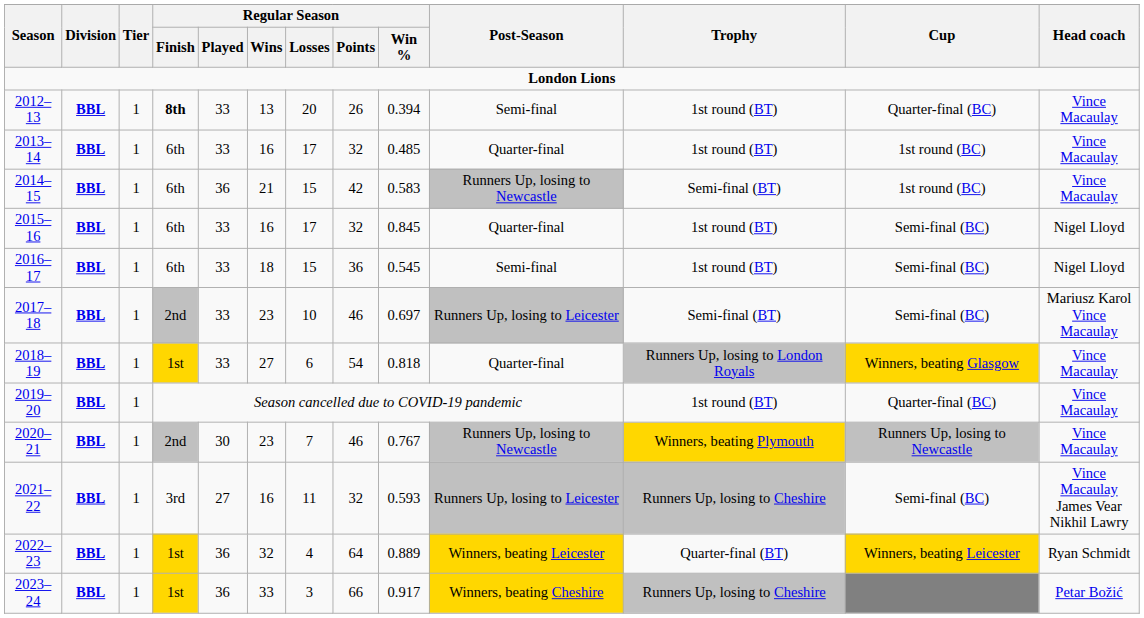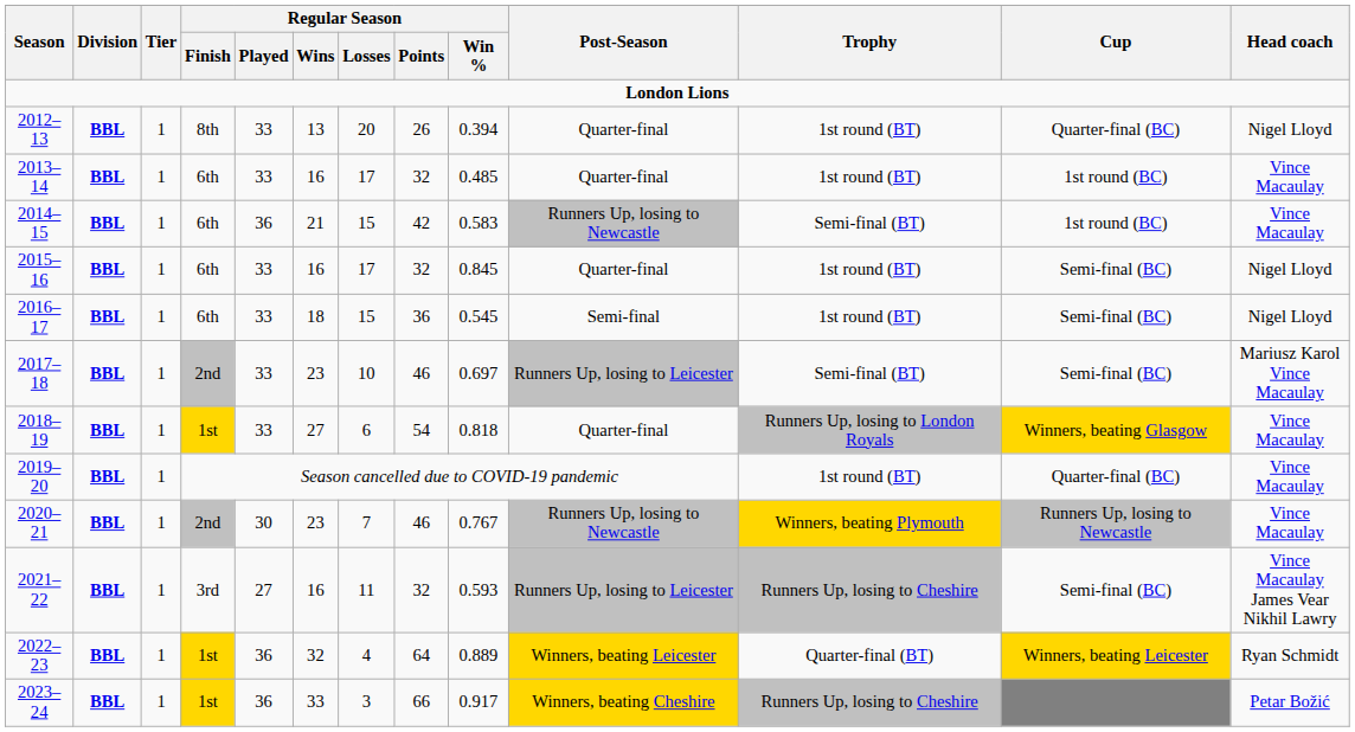 <table class="wikitable mw-collapsible mw-collapsed">
 <tr>
 </tr>
 <tr bgcolor="#efefef">
 <th rowspan="2">Season</th>
 <th rowspan="2">Division</th>
 <th rowspan="2">Tier</th>
 <th colspan="6">Regular Season</th>
 <th rowspan="2">Post-Season</th>
 <th rowspan="2">Trophy</th>
 <th rowspan="2">Cup</th>
 <th rowspan="2">Head coach</th>
 </tr>
 <tr>
 <th>Finish</th>
 <th>Played</th>
 <th>Wins</th>
 <th>Losses</th>
 <th>Points</th>
 <th>Win %</th>
 </tr>
 <tr>
 <td colspan="13" align="center"><strong>London Lions</strong></td>
 </tr>
 <tr>
 <td style="text-align:center;"><a href='#'>2012–13</a></td>
 <td style="text-align:center;"><strong><a href='#'>BBL</a></strong></td>
 <td style="text-align:center;">1</td>
-<td style="text-align:center;"><strong>8th</strong></td>
+<td style="text-align:center;">8th</td>
 <td style="text-align:center;">33</td>
 <td style="text-align:center;">13</td>
 <td style="text-align:center;">20</td>
 <td style="text-align:center;">26</td>
 <td style="text-align:center;">0.394</td>
-<td style="text-align:center;">Semi-final</td>
+<td style="text-align:center;">Quarter-final</td>
 <td style="text-align:center;">1st round (<a href='#'>BT</a>)</td>
 <td style="text-align:center;">Quarter-final (<a href='#'>BC</a>)</td>
-<td style="text-align:center;"><a href='#'>Vince Macaulay</a></td>
+<td style="text-align:center;">Nigel Lloyd</td>
 </tr>
 <tr>
 <td style="text-align:center;"><a href='#'>2013–14</a></td>
 <td style="text-align:center;"><strong><a href='#'>BBL</a></strong></td>
 <td style="text-align:center;">1</td>
 <td style="text-align:center;">6th</td>
 <td style="text-align:center;">33</td>
 <td style="text-align:center;">16</td>
 <td style="text-align:center;">17</td>
 <td style="text-align:center;">32</td>
 <td style="text-align:center;">0.485</td>
 <td style="text-align:center;">Quarter-final</td>
 <td style="text-align:center;">1st round (<a href='#'>BT</a>)</td>
 <td style="text-align:center;">1st round (<a href='#'>BC</a>)</td>
 <td style="text-align:center;"><a href='#'>Vince Macaulay</a></td>
 </tr>
 <tr>
 <td style="text-align:center;"><a href='#'>2014–15</a></td>
 <td style="text-align:center;"><strong><a href='#'>BBL</a></strong></td>
 <td style="text-align:center;">1</td>
 <td style="text-align:center;">6th</td>
 <td style="text-align:center;">36</td>
 <td style="text-align:center;">21</td>
 <td style="text-align:center;">15</td>
 <td style="text-align:center;">42</td>
 <td style="text-align:center;">0.583</td>
 <td style="text-align:center;" bgcolor=silver>Runners Up, losing to <a href='#'>Newcastle</a></td>
 <td style="text-align:center;">Semi-final (<a href='#'>BT</a>)</td>
 <td style="text-align:center;">1st round (<a href='#'>BC</a>)</td>
 <td style="text-align:center;"><a href='#'>Vince Macaulay</a></td>
 </tr>
 <tr>
 <td style="text-align:center;"><a href='#'>2015–16</a></td>
 <td style="text-align:center;"><strong><a href='#'>BBL</a></strong></td>
 <td style="text-align:center;">1</td>
 <td style="text-align:center;">6th</td>
 <td style="text-align:center;">33</td>
 <td style="text-align:center;">16</td>
 <td style="text-align:center;">17</td>
 <td style="text-align:center;">32</td>
 <td style="text-align:center;">0.845</td>
 <td style="text-align:center;">Quarter-final</td>
 <td style="text-align:center;">1st round (<a href='#'>BT</a>)</td>
 <td style="text-align:center;">Semi-final (<a href='#'>BC</a>)</td>
 <td style="text-align:center;">Nigel Lloyd</td>
 </tr>
 <tr>
 <td style="text-align:center;"><a href='#'>2016–17</a></td>
 <td style="text-align:center;"><strong><a href='#'>BBL</a></strong></td>
 <td style="text-align:center;">1</td>
 <td style="text-align:center;">6th</td>
 <td style="text-align:center;">33</td>
 <td style="text-align:center;">18</td>
 <td style="text-align:center;">15</td>
 <td style="text-align:center;">36</td>
 <td style="text-align:center;">0.545</td>
 <td style="text-align:center;">Semi-final</td>
 <td style="text-align:center;">1st round (<a href='#'>BT</a>)</td>
 <td style="text-align:center;">Semi-final (<a href='#'>BC</a>)</td>
 <td style="text-align:center;">Nigel Lloyd</td>
 </tr>
 <tr>
 <td style="text-align:center;"><a href='#'>2017–18</a></td>
 <td style="text-align:center;"><strong><a href='#'>BBL</a></strong></td>
 <td style="text-align:center;">1</td>
 <td style="text-align:center;"bgcolor=silver>2nd</td>
 <td style="text-align:center;">33</td>
 <td style="text-align:center;">23</td>
 <td style="text-align:center;">10</td>
 <td style="text-align:center;">46</td>
 <td style="text-align:center;">0.697</td>
 <td style="text-align:center;"bgcolor=silver>Runners Up, losing to <a href='#'>Leicester</a></td>
 <td style="text-align:center;">Semi-final (<a href='#'>BT</a>)</td>
 <td style="text-align:center;">Semi-final (<a href='#'>BC</a>)</td>
 <td style="text-align:center;">Mariusz Karol <br> <a href='#'>Vince Macaulay</a></td>
 </tr>
 <tr>
 <td style="text-align:center;"><a href='#'>2018–19</a></td>
 <td style="text-align:center;"><strong><a href='#'>BBL</a></strong></td>
 <td style="text-align:center;">1</td>
 <td style="text-align:center;"bgcolor=gold>1st</td>
 <td style="text-align:center;">33</td>
 <td style="text-align:center;">27</td>
 <td style="text-align:center;">6</td>
 <td style="text-align:center;">54</td>
 <td style="text-align:center;">0.818</td>
 <td style="text-align:center;">Quarter-final</td>
 <td style="text-align:center;" bgcolor=silver>Runners Up, losing to <a href='#'>London Royals</a></td>
 <td style="text-align:center;" bgcolor=gold>Winners, beating <a href='#'>Glasgow</a></td>
 <td style="text-align:center;"><a href='#'>Vince Macaulay</a></td>
 </tr>
 <tr>
 <td style="text-align:center;"><a href='#'>2019–20</a></td>
 <td style="text-align:center;"><strong><a href='#'>BBL</a></strong></td>
 <td style="text-align:center;">1</td>
 <td colspan=7 align=center><em>Season cancelled due to COVID-19 pandemic</em></td>
 <td style="text-align:center;">1st round (<a href='#'>BT</a>)</td>
 <td style="text-align:center;">Quarter-final (<a href='#'>BC</a>)</td>
 <td style="text-align:center;"><a href='#'>Vince Macaulay</a></td>
 </tr>
 <tr>
 <td style="text-align:center;"><a href='#'>2020–21</a></td>
 <td style="text-align:center;"><strong><a href='#'>BBL</a></strong></td>
 <td style="text-align:center;">1</td>
 <td style="text-align:center;"bgcolor=silver>2nd</td>
 <td style="text-align:center;">30</td>
 <td style="text-align:center;">23</td>
 <td style="text-align:center;">7</td>
 <td style="text-align:center;">46</td>
 <td style="text-align:center;">0.767</td>
 <td style="text-align:center;" bgcolor=silver>Runners Up, losing to <a href='#'>Newcastle</a></td>
 <td style="text-align:center;" bgcolor=gold>Winners, beating <a href='#'>Plymouth</a></td>
 <td style="text-align:center;" bgcolor=silver>Runners Up, losing to <a href='#'>Newcastle</a></td>
 <td style="text-align:center;"><a href='#'>Vince Macaulay</a></td>
 </tr>
 <tr>
 <td style="text-align:center;"><a href='#'>2021–22</a></td>
 <td style="text-align:center;"><strong><a href='#'>BBL</a></strong></td>
 <td style="text-align:center;">1</td>
 <td style="text-align:center;">3rd</td>
 <td style="text-align:center;">27</td>
 <td style="text-align:center;">16</td>
 <td style="text-align:center;">11</td>
 <td style="text-align:center;">32</td>
 <td style="text-align:center;">0.593</td>
 <td style="text-align:center;"bgcolor=silver>Runners Up, losing to <a href='#'>Leicester</a></td>
 <td style="text-align:center;" bgcolor=silver>Runners Up, losing to <a href='#'>Cheshire</a></td>
 <td style="text-align:center;">Semi-final (<a href='#'>BC</a>)</td>
 <td style="text-align:center;"><a href='#'>Vince Macaulay</a> <br> James Vear <br> Nikhil Lawry</td>
 </tr>
 <tr>
 <td style="text-align:center;"><a href='#'>2022–23</a></td>
 <td style="text-align:center;"><strong><a href='#'>BBL</a></strong></td>
 <td style="text-align:center;">1</td>
 <td style="text-align:center;"bgcolor=gold>1st</td>
 <td style="text-align:center;">36</td>
 <td style="text-align:center;">32</td>
 <td style="text-align:center;">4</td>
 <td style="text-align:center;">64</td>
 <td style="text-align:center;">0.889</td>
 <td style="text-align:center;" bgcolor=gold>Winners, beating <a href='#'>Leicester</a></td>
 <td style="text-align:center;">Quarter-final (<a href='#'>BT</a>)</td>
 <td style="text-align:center;" bgcolor=gold>Winners, beating <a href='#'>Leicester</a></td>
 <td style="text-align:center;">Ryan Schmidt</td>
 </tr>
 <tr>
 <td style="text-align:center;"><a href='#'>2023–24</a></td>
 <td style="text-align:center;"><strong><a href='#'>BBL</a></strong></td>
 <td style="text-align:center;">1</td>
 <td style="text-align:center;"bgcolor=gold>1st</td>
 <td style="text-align:center;">36</td>
 <td style="text-align:center;">33</td>
 <td style="text-align:center;">3</td>
 <td style="text-align:center;">66</td>
 <td style="text-align:center;">0.917</td>
 <td style="text-align:center;" bgcolor=gold>Winners, beating <a href='#'>Cheshire</a></td>
 <td style="text-align:center;" bgcolor=silver>Runners Up, losing to <a href='#'>Cheshire</a></td>
 <td style="text-align:center;" bgcolor=grey></td>
 <td style="text-align:center;"><a href='#'>Petar Božić</a></td>
 </tr>
 </table>
